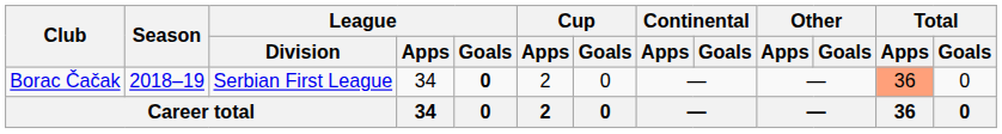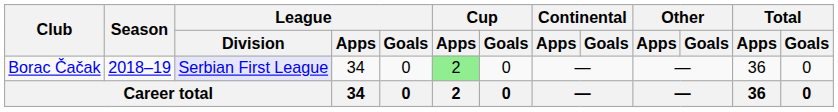 <table class="wikitable" style="text-align: center;font-size:90%">
 <tr>
 <th rowspan="2">Club</th>
 <th rowspan="2">Season</th>
 <th colspan="3">League</th>
 <th colspan="2">Cup</th>
 <th colspan="2">Continental</th>
 <th colspan="2">Other</th>
 <th colspan="2">Total</th>
 </tr>
 <tr>
 <th>Division</th>
 <th>Apps</th>
 <th>Goals</th>
 <th>Apps</th>
 <th>Goals</th>
 <th>Apps</th>
 <th>Goals</th>
 <th>Apps</th>
 <th>Goals</th>
 <th>Apps</th>
 <th>Goals</th>
 </tr>
 <tr>
 <td><a href='#'>Borac Čačak</a></td>
 <td><a href='#'>2018–19</a></td>
-<td><a href='#'>Serbian First League</a></td>
+<td style="background: lavender;"><a href='#'>Serbian First League</a></td>
 <td>34</td>
-<td><strong>0</strong></td>
-<td>2</td>
+<td>0</td>
+<td style="background: lightgreen;">2</td>
 <td>0</td>
 <td colspan="2">—</td>
 <td colspan="2">—</td>
-<td style="background: lightsalmon;">36</td>
+<td>36</td>
 <td>0</td>
 </tr>
 <tr>
 <th colspan="3">Career total</th>
 <th>34</th>
 <th>0</th>
 <th>2</th>
 <th>0</th>
 <th colspan="2">—</th>
 <th colspan="2">—</th>
 <th>36</th>
 <th>0</th>
 </tr>
 </table>
